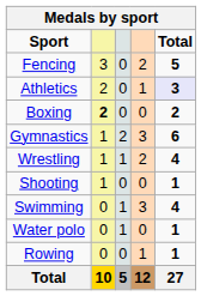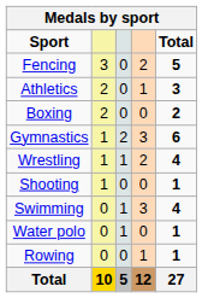 <table class="wikitable" style="font-size:85%; float:right;">
 <tr style="background:#efefef;">
 <th colspan=7>Medals by sport</th>
 </tr>
 <tr style="text-align:center">
 <td><strong>Sport</strong></td>
 <td bgcolor=#f7f6a8></td>
 <td bgcolor=#dce5e5></td>
 <td bgcolor=#ffdab9></td>
 <td><strong>Total</strong></td>
 </tr>
 <tr style="text-align:center">
 <td><a href='#'>Fencing</a></td>
 <td bgcolor=F7F6A8>3</td>
 <td bgcolor=DCE5E5>0</td>
 <td bgcolor=FFDAB9>2</td>
 <td><strong>5</strong></td>
 </tr>
 <tr style="text-align:center">
 <td><a href='#'>Athletics</a></td>
 <td bgcolor=F7F6A8>2</td>
 <td bgcolor=DCE5E5>0</td>
 <td bgcolor=FFDAB9>1</td>
-<td style="background: lavender;"><strong>3</strong></td>
+<td><strong>3</strong></td>
 </tr>
 <tr style="text-align:center">
 <td><a href='#'>Boxing</a></td>
-<td bgcolor=F7F6A8><strong>2</strong></td>
+<td bgcolor=F7F6A8>2</td>
 <td bgcolor=DCE5E5>0</td>
 <td bgcolor=FFDAB9>0</td>
 <td><strong>2</strong></td>
 </tr>
 <tr style="text-align:center">
 <td><a href='#'>Gymnastics</a></td>
 <td bgcolor=F7F6A8>1</td>
 <td bgcolor=DCE5E5>2</td>
 <td bgcolor=FFDAB9>3</td>
 <td><strong>6</strong></td>
 </tr>
 <tr style="text-align:center">
 <td><a href='#'>Wrestling</a></td>
 <td bgcolor=F7F6A8>1</td>
 <td bgcolor=DCE5E5>1</td>
 <td bgcolor=FFDAB9>2</td>
 <td><strong>4</strong></td>
 </tr>
 <tr style="text-align:center">
 <td><a href='#'>Shooting</a></td>
 <td bgcolor=F7F6A8>1</td>
 <td bgcolor=DCE5E5>0</td>
 <td bgcolor=FFDAB9>0</td>
 <td><strong>1</strong></td>
 </tr>
 <tr style="text-align:center">
 <td><a href='#'>Swimming</a></td>
 <td bgcolor=F7F6A8>0</td>
 <td bgcolor=DCE5E5>1</td>
 <td bgcolor=FFDAB9>3</td>
 <td><strong>4</strong></td>
 </tr>
 <tr style="text-align:center">
 <td><a href='#'>Water polo</a></td>
 <td bgcolor=F7F6A8>0</td>
 <td bgcolor=DCE5E5>1</td>
 <td bgcolor=FFDAB9>0</td>
 <td><strong>1</strong></td>
 </tr>
 <tr style="text-align:center">
 <td><a href='#'>Rowing</a></td>
 <td bgcolor=F7F6A8>0</td>
 <td bgcolor=DCE5E5>0</td>
 <td bgcolor=FFDAB9>1</td>
 <td><strong>1</strong></td>
 </tr>
 <tr style="text-align:center">
 <th>Total</th>
 <th style="background:gold">10</th>
 <th style="background:silver">5</th>
 <th style="background:#c96">12</th>
 <th>27</th>
 </tr>
 </table>
